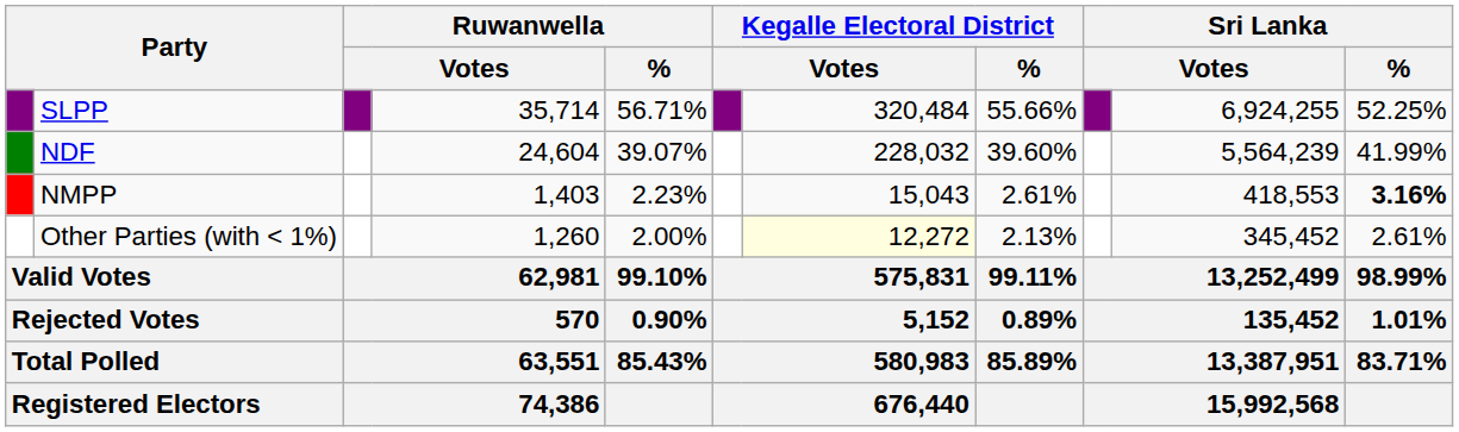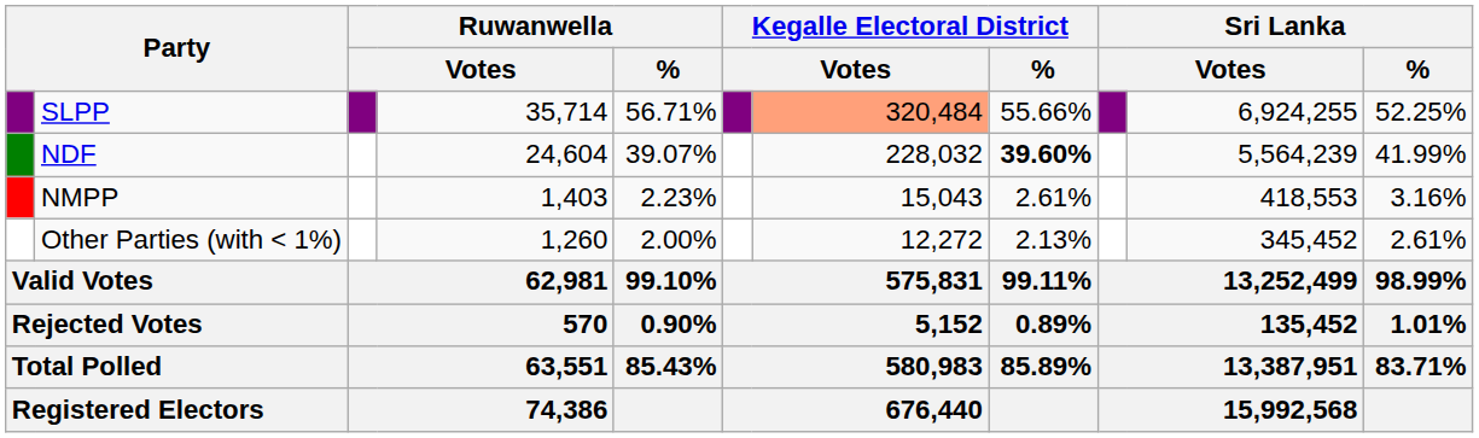 <table class="wikitable">
 <tr>
 <th colspan="2" width="144px"rowspan="2">Party</th>
 <th colspan="3" width="216px">Ruwanwella</th>
 <th colspan="3" width="216px"><a href='#'>Kegalle Electoral District</a></th>
 <th colspan="3" width="216px">Sri Lanka</th>
 </tr>
 <tr>
 <th colspan="2" width="144px">Votes</th>
 <th>%</th>
 <th colspan="2" width="144px">Votes</th>
 <th>%</th>
 <th colspan="2" width="144px">Votes</th>
 <th>%</th>
 </tr>
 <tr>
 <td style="background-color:purple;" width="10px"></td>
 <td style="text-align:left;"><a href='#'>SLPP</a></td>
 <td style="background-color:purple;" width="10px"></td>
 <td style="text-align:right;">35,714</td>
 <td style="text-align:right;">56.71%</td>
 <td style="background-color:purple;" width="10px"></td>
-<td style="text-align:right;">320,484</td>
+<td style="background: lightsalmon; text-align:right;">320,484</td>
 <td style="text-align:right;">55.66%</td>
 <td style="background-color:purple;" width="10px"></td>
 <td style="text-align:right;">6,924,255</td>
 <td style="text-align:right;">52.25%</td>
 </tr>
 <tr>
 <td style="background-color:green;" width="10px"></td>
 <td style="text-align:left;"><a href='#'>NDF</a></td>
 <td style="background-color:white;" width="10px"></td>
 <td style="text-align:right;">24,604</td>
 <td style="text-align:right;">39.07%</td>
 <td style="background-color:white;" width="10px"></td>
 <td style="text-align:right;">228,032</td>
-<td style="text-align:right;">39.60%</td>
+<td style="text-align:right;"><strong>39.60%</strong></td>
 <td style="background-color:white;" width="10px"></td>
 <td style="text-align:right;">5,564,239</td>
 <td style="text-align:right;">41.99%</td>
 </tr>
 <tr>
 <td style="background-color:red;" width="10px"></td>
 <td style="text-align:left;">NMPP</td>
 <td style="background-color:white;" width="10px"></td>
 <td style="text-align:right;">1,403</td>
 <td style="text-align:right;">2.23%</td>
 <td style="background-color:white;" width="10px"></td>
 <td style="text-align:right;">15,043</td>
 <td style="text-align:right;">2.61%</td>
 <td style="background-color:white;" width="10px"></td>
 <td style="text-align:right;">418,553</td>
-<td style="text-align:right;"><strong>3.16%</strong></td>
+<td style="text-align:right;">3.16%</td>
 </tr>
 <tr>
 <td style="background-color:white;" width="10px"></td>
 <td style="text-align:left;">Other Parties (with < 1%)</td>
 <td style="background-color:white;" width="10px"></td>
 <td style="text-align:right;">1,260</td>
 <td style="text-align:right;">2.00%</td>
 <td style="background-color:white;" width="10px"></td>
-<td style="background: lightyellow; text-align:right;">12,272</td>
+<td style="text-align:right;">12,272</td>
 <td style="text-align:right;">2.13%</td>
 <td style="background-color:white;" width="10px"></td>
 <td style="text-align:right;">345,452</td>
 <td style="text-align:right;">2.61%</td>
 </tr>
 <tr>
 <th colspan="2" width="144px"style="text-align:left;">Valid Votes</th>
 <th style="text-align:right;"colspan="2" width="144px">62,981</th>
 <th style="text-align:right;">99.10%</th>
 <th style="text-align:right;"colspan="2" width="144px">575,831</th>
 <th style="text-align:right;">99.11%</th>
 <th style="text-align:right;"colspan="2" width="144px">13,252,499</th>
 <th style="text-align:right;">98.99%</th>
 </tr>
 <tr>
 <th colspan="2" width="144px"style="text-align:left;">Rejected Votes</th>
 <th style="text-align:right;"colspan="2" width="144px">570</th>
 <th style="text-align:right;">0.90%</th>
 <th style="text-align:right;"colspan="2" width="144px">5,152</th>
 <th style="text-align:right;">0.89%</th>
 <th style="text-align:right;"colspan="2" width="144px">135,452</th>
 <th style="text-align:right;">1.01%</th>
 </tr>
 <tr>
 <th colspan="2" width="144px"style="text-align:left;">Total Polled</th>
 <th style="text-align:right;"colspan="2" width="144px">63,551</th>
 <th style="text-align:right;">85.43%</th>
 <th style="text-align:right;"colspan="2" width="144px">580,983</th>
 <th style="text-align:right;">85.89%</th>
 <th style="text-align:right;"colspan="2" width="144px">13,387,951</th>
 <th style="text-align:right;">83.71%</th>
 </tr>
 <tr>
 <th colspan="2" width="144px"style="text-align:left;">Registered Electors</th>
 <th style="text-align:right;"colspan="2" width="144px">74,386</th>
 <th></th>
 <th style="text-align:right;"colspan="2" width="144px">676,440</th>
 <th></th>
 <th style="text-align:right;"colspan="2" width="144px">15,992,568</th>
 <th></th>
 </tr>
 </table>
